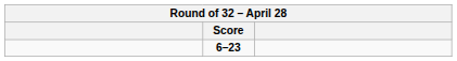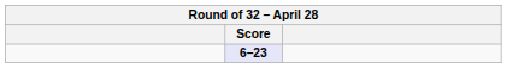 <table class="wikitable" style="text-align: center; font-size:90% ">
 <tr>
 <th colspan=3>Round of 32 – April 28</th>
 </tr>
 <tr>
 <th align="right" width="250"></th>
 <th width="60">Score</th>
 <th align="left" width="250"></th>
 </tr>
 <tr>
 <td align=left></td>
-<td align=center><strong>6–23</strong></td>
+<td align=center style="background: lavender;"><strong>6–23</strong></td>
 <td align=left><strong></strong></td>
 </tr>
 </table>
